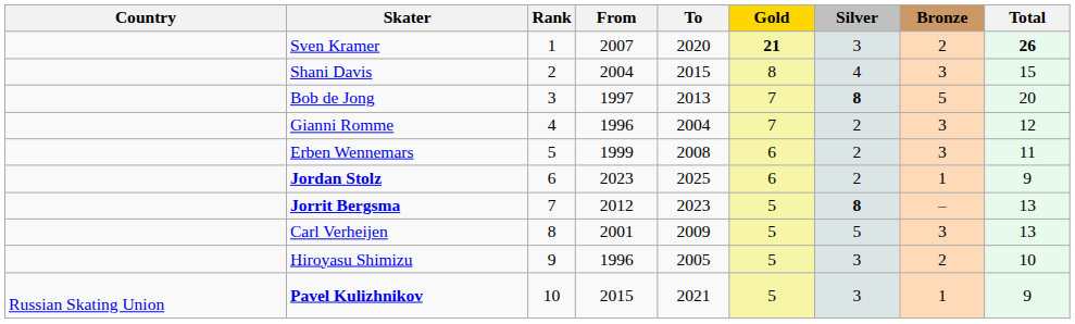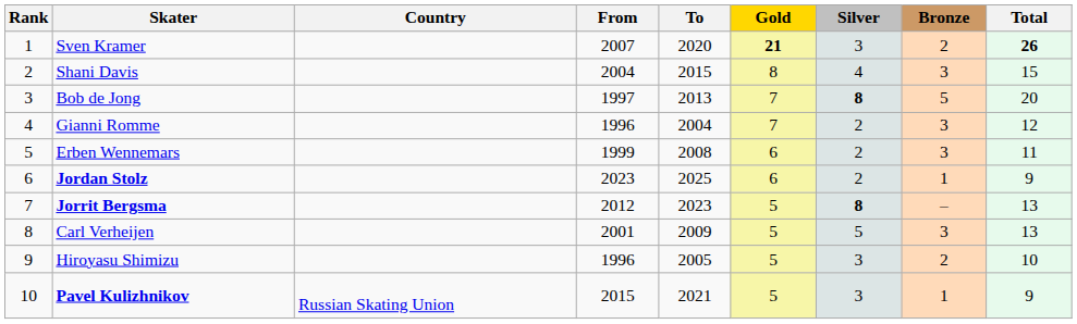 <table class="wikitable plainrowheaders" width=80% style="text-align:center;">
 <tr style="background-color:#EDEDED;">
+<th class="hintergrundfarbe5" style="width:1em">Rank</th>
+<th class="hintergrundfarbe5">Skater</th>
 <th class="hintergrundfarbe5">Country</th>
-<th class="hintergrundfarbe5">Skater</th>
-<th class="hintergrundfarbe5" style="width:1em">Rank</th>
 <th class="hintergrundfarbe5">From</th>
 <th class="hintergrundfarbe5">To</th>
 <th style="background:    gold; width:8%">Gold</th>
 <th style="background:  silver; width:8%">Silver</th>
 <th style="background: #CC9966; width:8%">Bronze</th>
 <th class="hintergrundfarbe5" style="width:8%">Total</th>
 </tr>
 <tr>
+<td>1</td>
+<td align="left"><a href='#'>Sven Kramer</a></td>
 <td align="left"></td>
-<td align="left"><a href='#'>Sven Kramer</a></td>
-<td>1</td>
 <td>2007</td>
 <td>2020</td>
 <td bgcolor="#F7F6A8"><strong>21</strong></td>
 <td bgcolor="#DCE5E5">3</td>
 <td bgcolor="#FFDAB9">2</td>
 <td bgcolor="#E7FAEC"><strong>26</strong></td>
 </tr>
 <tr align="center">
+<td>2</td>
+<td align="left"><a href='#'>Shani Davis</a></td>
 <td align="left"></td>
-<td align="left"><a href='#'>Shani Davis</a></td>
-<td>2</td>
 <td>2004</td>
 <td>2015</td>
 <td bgcolor="#F7F6A8">8</td>
 <td bgcolor="#DCE5E5">4</td>
 <td bgcolor="#FFDAB9">3</td>
 <td bgcolor="#E7FAEC">15</td>
 </tr>
 <tr align="center">
+<td>3</td>
+<td align="left"><a href='#'>Bob de Jong</a></td>
 <td align="left"></td>
-<td align="left"><a href='#'>Bob de Jong</a></td>
-<td>3</td>
 <td>1997</td>
 <td>2013</td>
 <td bgcolor="#F7F6A8">7</td>
 <td bgcolor="#DCE5E5"><strong>8</strong></td>
 <td bgcolor="#FFDAB9">5</td>
 <td bgcolor="#E7FAEC">20</td>
 </tr>
 <tr align="center">
+<td>4</td>
+<td align="left"><a href='#'>Gianni Romme</a></td>
 <td align="left"></td>
-<td align="left"><a href='#'>Gianni Romme</a></td>
-<td>4</td>
 <td>1996</td>
 <td>2004</td>
 <td bgcolor="#F7F6A8">7</td>
 <td bgcolor="#DCE5E5">2</td>
 <td bgcolor="#FFDAB9">3</td>
 <td bgcolor="#E7FAEC">12</td>
 </tr>
 <tr align="center">
+<td>5</td>
+<td align="left"><a href='#'>Erben Wennemars</a></td>
 <td align="left"></td>
-<td align="left"><a href='#'>Erben Wennemars</a></td>
-<td>5</td>
 <td>1999</td>
 <td>2008</td>
 <td bgcolor="#F7F6A8">6</td>
 <td bgcolor="#DCE5E5">2</td>
 <td bgcolor="#FFDAB9">3</td>
 <td bgcolor="#E7FAEC">11</td>
 </tr>
 <tr align="center">
+<td>6</td>
+<td align="left"><strong><a href='#'>Jordan Stolz</a></strong></td>
 <td align="left"></td>
-<td align="left"><strong><a href='#'>Jordan Stolz</a></strong></td>
-<td>6</td>
 <td>2023</td>
 <td>2025</td>
 <td bgcolor="#F7F6A8">6</td>
 <td bgcolor="#DCE5E5">2</td>
 <td bgcolor="#FFDAB9">1</td>
 <td bgcolor="#E7FAEC">9</td>
 </tr>
 <tr align="center">
+<td>7</td>
+<td align="left"><strong><a href='#'>Jorrit Bergsma</a></strong></td>
 <td align="left"></td>
-<td align="left"><strong><a href='#'>Jorrit Bergsma</a></strong></td>
-<td>7</td>
 <td>2012</td>
 <td>2023</td>
 <td bgcolor="#F7F6A8">5</td>
 <td bgcolor="#DCE5E5"><strong>8</strong></td>
 <td bgcolor="#FFDAB9">–</td>
 <td bgcolor="#E7FAEC">13</td>
 </tr>
 <tr align="center">
+<td>8</td>
+<td align="left"><a href='#'>Carl Verheijen</a></td>
 <td align="left"></td>
-<td align="left"><a href='#'>Carl Verheijen</a></td>
-<td>8</td>
 <td>2001</td>
 <td>2009</td>
 <td bgcolor="#F7F6A8">5</td>
 <td bgcolor="#DCE5E5">5</td>
 <td bgcolor="#FFDAB9">3</td>
 <td bgcolor="#E7FAEC">13</td>
 </tr>
 <tr align="center">
+<td>9</td>
+<td align="left"><a href='#'>Hiroyasu Shimizu</a></td>
 <td align="left"></td>
-<td align="left"><a href='#'>Hiroyasu Shimizu</a></td>
-<td>9</td>
 <td>1996</td>
 <td>2005</td>
 <td bgcolor="#F7F6A8">5</td>
 <td bgcolor="#DCE5E5">3</td>
 <td bgcolor="#FFDAB9">2</td>
 <td bgcolor="#E7FAEC">10</td>
 </tr>
 <tr align="center">
+<td>10</td>
+<td align="left"><strong><a href='#'>Pavel Kulizhnikov</a></strong></td>
 <td align="left"><br> <a href='#'>Russian Skating Union</a></td>
-<td align="left"><strong><a href='#'>Pavel Kulizhnikov</a></strong></td>
-<td>10</td>
 <td>2015</td>
 <td>2021</td>
 <td bgcolor="#F7F6A8">5</td>
 <td bgcolor="#DCE5E5">3</td>
 <td bgcolor="#FFDAB9">1</td>
 <td bgcolor="#E7FAEC">9</td>
 </tr>
 </table>
